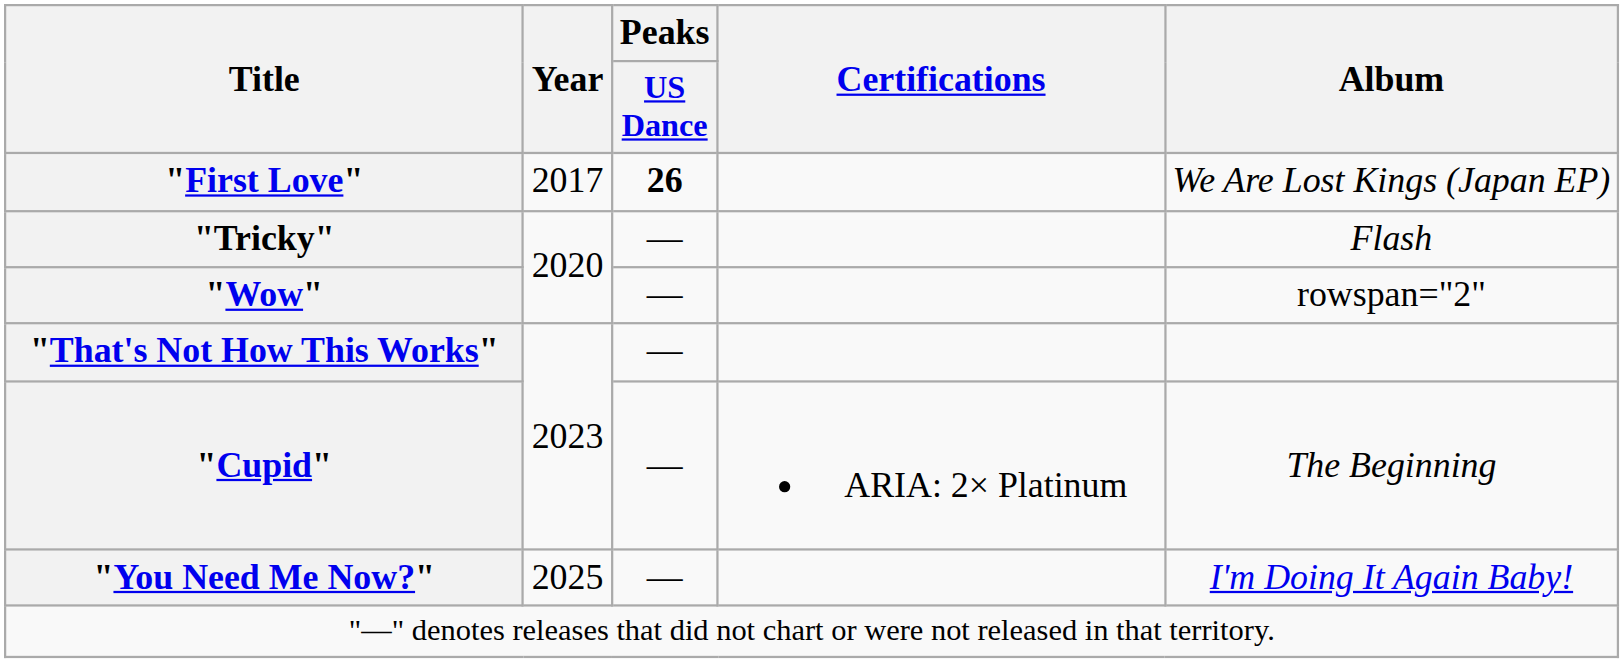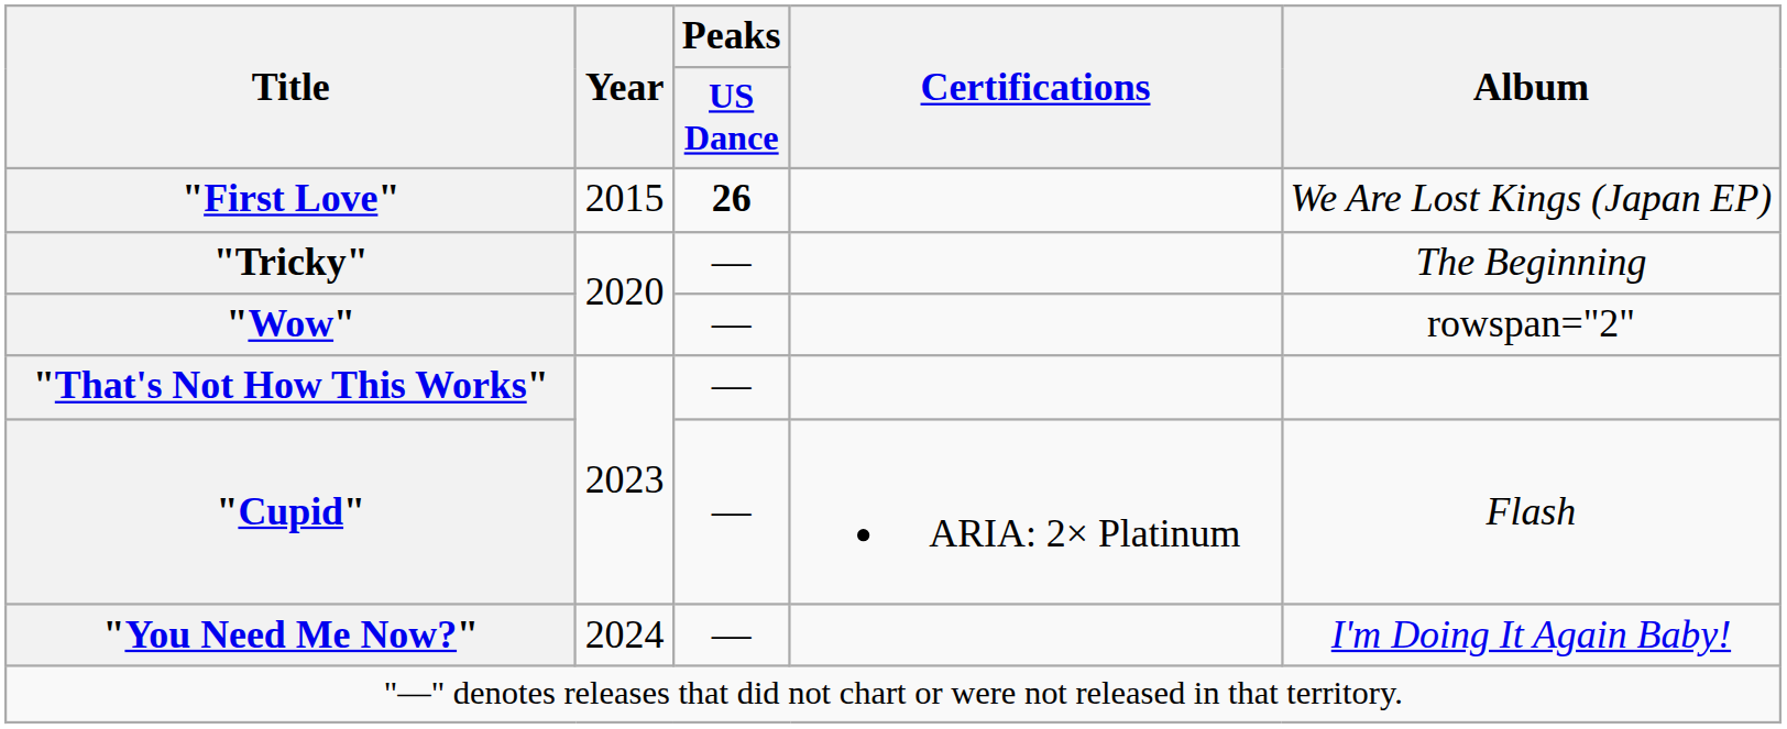 <table class="wikitable plainrowheaders" style="text-align:center;">
 <tr>
 <th scope="col" rowspan="2" style="width:14em;">Title</th>
 <th scope="col" rowspan="2" style="width:1em;">Year</th>
 <th scope="col" colspan="1">Peaks</th>
 <th scope="col" rowspan="2" style="width:12em;"><a href='#'>Certifications</a></th>
 <th scope="col" rowspan="2">Album</th>
 </tr>
 <tr>
 <th scope="col" style="width:2.5em;font-size:90%;"><a href='#'>US<br>Dance</a><br></th>
 </tr>
 <tr>
 <th scope="row">"<a href='#'>First Love</a>"<br></th>
-<td>2017</td>
+<td>2015</td>
 <td><strong>26</strong></td>
 <td></td>
 <td><em>We Are Lost Kings (Japan EP)</em></td>
 </tr>
 <tr>
 <th scope="row">"Tricky"<br></th>
 <td rowspan="2">2020</td>
 <td>—</td>
 <td></td>
-<td><em>Flash</em></td>
+<td><em>The Beginning</em></td>
 </tr>
 <tr>
 <th scope="row">"<a href='#'>Wow</a>" <br></th>
 <td>—</td>
 <td></td>
 <td>rowspan="2" </td>
 </tr>
 <tr>
 <th scope="row">"<a href='#'>That's Not How This Works</a>" <br></th>
 <td rowspan="2">2023</td>
 <td>—</td>
 <td></td>
 </tr>
 <tr>
 <th scope="row">"<a href='#'>Cupid</a>" <br></th>
 <td>—</td>
 <td><br><ul><li>ARIA: 2× Platinum</li></ul></td>
-<td><em>The Beginning</em></td>
+<td><em>Flash</em></td>
 </tr>
 <tr>
 <th scope="row">"<a href='#'>You Need Me Now?</a>"<br></th>
-<td>2025</td>
+<td>2024</td>
 <td>—</td>
 <td></td>
 <td><em><a href='#'>I'm Doing It Again Baby!</a> </em></td>
 </tr>
 <tr>
 <td colspan="8" style="font-size:85%">"—" denotes releases that did not chart or were not released in that territory.</td>
 </tr>
 </table>
